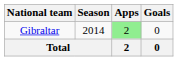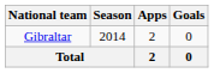 <table class="wikitable" style="text-align: center">
 <tr>
 <th>National team</th>
 <th>Season</th>
 <th>Apps</th>
 <th>Goals</th>
 </tr>
 <tr>
 <td><a href='#'>Gibraltar</a></td>
 <td>2014</td>
-<td style="background: lightgreen;">2</td>
+<td>2</td>
 <td>0</td>
 </tr>
 <tr>
 <th colspan="2">Total</th>
 <th>2</th>
 <th>0</th>
 </tr>
 </table>
